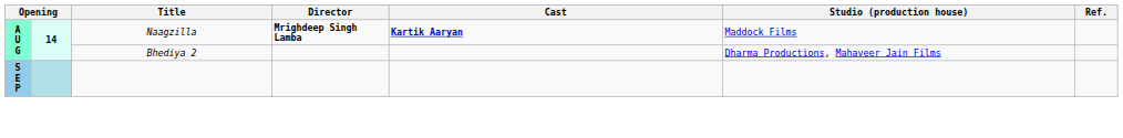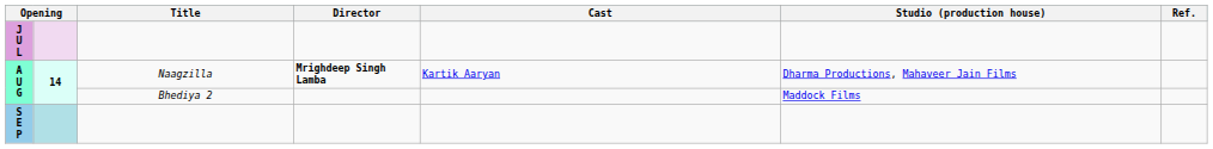 <table class="wikitable">
 <tr style="background:#b0e0e6; text-align:center;">
 <th colspan="2" style="width:6%;"><strong>Opening</strong></th>
 <th style="width:18%;"><strong>Title</strong></th>
 <th style="width:10.5%;"><strong>Director</strong></th>
 <th style="width:30%;"><strong>Cast</strong></th>
 <th>Studio (production house)</th>
 <th>Ref.</th>
 </tr>
 <tr>
+<td style="text-align:center; background:plum; textcolor:#000;"><strong>J<br>U<br>L</strong></td>
+<td style="text-align:center;background:#f1daf1;"></td>
+<td style="text-align:center;"></td>
+<td></td>
+<td></td>
+<td></td>
+<td></td>
+</tr>
+<tr>
 <td rowspan="2" style="text-align:center; background:#7FFFD4; textcolor:#000;"><strong>A<br>U<br>G</strong></td>
 <td rowspan="2" style="text-align:center; background:#dbfff8; textcolor:#000;"><strong>14</strong></td>
 <td style="text-align:center;"><em>Naagzilla</em></td>
 <td><strong>Mrighdeep Singh Lamba</strong></td>
-<td><strong><a href='#'>Kartik Aaryan</a></strong></td>
-<td><a href='#'>Maddock Films</a></td>
+<td><a href='#'>Kartik Aaryan</a></td>
+<td><a href='#'>Dharma Productions</a>, <a href='#'>Mahaveer Jain Films</a></td>
 <td></td>
 </tr>
 <tr>
 <td style="text-align:center;"><em>Bhediya 2</em></td>
 <td></td>
 <td></td>
-<td><a href='#'>Dharma Productions</a>, <a href='#'>Mahaveer Jain Films</a></td>
+<td><a href='#'>Maddock Films</a></td>
 <td></td>
 </tr>
 <tr>
 <td style="text-align:center; background:#93CCEA; textcolor:#000;"><strong>S<br>E<br>P</strong></td>
 <td style="text-align:center;background:#B0E0E6;"></td>
 <td style="text-align:center;"></td>
 <td></td>
 <td></td>
 <td></td>
 <td></td>
 </tr>
 </table>
